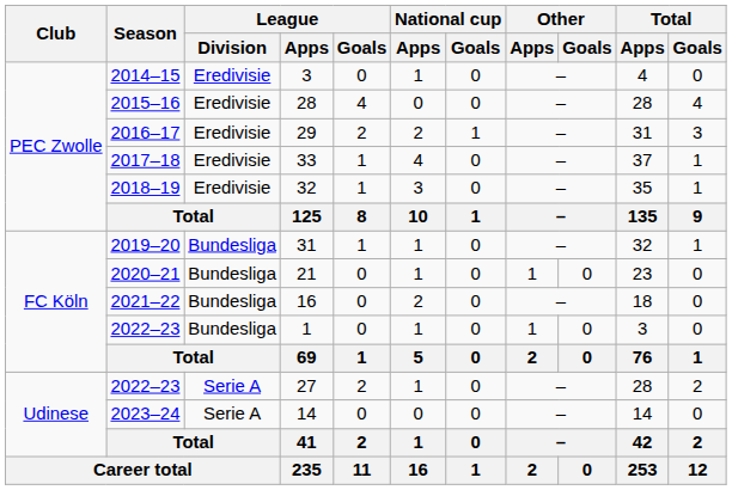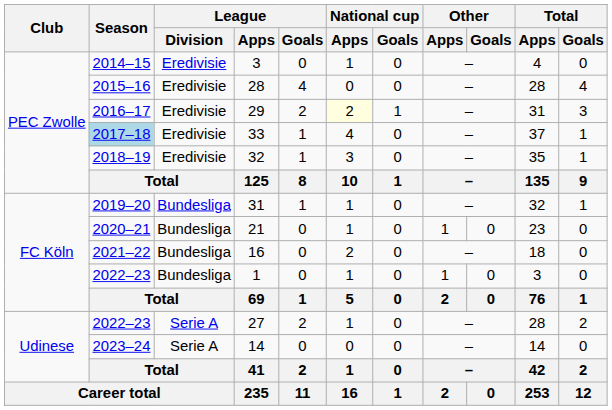 <table class="wikitable" style="text-align:center">
 <tr>
 <th rowspan="2">Club</th>
 <th rowspan="2">Season</th>
 <th colspan="3">League</th>
 <th colspan="2">National cup</th>
 <th colspan="2">Other</th>
 <th colspan="2">Total</th>
 </tr>
 <tr>
 <th>Division</th>
 <th>Apps</th>
 <th>Goals</th>
 <th>Apps</th>
 <th>Goals</th>
 <th>Apps</th>
 <th>Goals</th>
 <th>Apps</th>
 <th>Goals</th>
 </tr>
 <tr>
 <td rowspan="6"><a href='#'>PEC Zwolle</a></td>
 <td><a href='#'>2014–15</a></td>
 <td><a href='#'>Eredivisie</a></td>
 <td>3</td>
 <td>0</td>
 <td>1</td>
 <td>0</td>
 <td colspan="2">–</td>
 <td>4</td>
 <td>0</td>
 </tr>
 <tr>
 <td><a href='#'>2015–16</a></td>
 <td>Eredivisie</td>
 <td>28</td>
 <td>4</td>
 <td>0</td>
 <td>0</td>
 <td colspan="2">–</td>
 <td>28</td>
 <td>4</td>
 </tr>
 <tr>
 <td><a href='#'>2016–17</a></td>
 <td>Eredivisie</td>
 <td>29</td>
 <td>2</td>
-<td>2</td>
+<td style="background: lightyellow;">2</td>
 <td>1</td>
 <td colspan="2">–</td>
 <td>31</td>
 <td>3</td>
 </tr>
 <tr>
-<td><a href='#'>2017–18</a></td>
+<td style="background: lightblue;"><a href='#'>2017–18</a></td>
 <td>Eredivisie</td>
 <td>33</td>
 <td>1</td>
 <td>4</td>
 <td>0</td>
 <td colspan="2">–</td>
 <td>37</td>
 <td>1</td>
 </tr>
 <tr>
 <td><a href='#'>2018–19</a></td>
 <td>Eredivisie</td>
 <td>32</td>
 <td>1</td>
 <td>3</td>
 <td>0</td>
 <td colspan="2">–</td>
 <td>35</td>
 <td>1</td>
 </tr>
 <tr>
 <th colspan="2">Total</th>
 <th>125</th>
 <th>8</th>
 <th>10</th>
 <th>1</th>
 <th colspan="2">–</th>
 <th>135</th>
 <th>9</th>
 </tr>
 <tr>
 <td rowspan="5"><a href='#'>FC Köln</a></td>
 <td><a href='#'>2019–20</a></td>
 <td><a href='#'>Bundesliga</a></td>
 <td>31</td>
 <td>1</td>
 <td>1</td>
 <td>0</td>
 <td colspan="2">–</td>
 <td>32</td>
 <td>1</td>
 </tr>
 <tr>
 <td><a href='#'>2020–21</a></td>
 <td>Bundesliga</td>
 <td>21</td>
 <td>0</td>
 <td>1</td>
 <td>0</td>
 <td>1</td>
 <td>0</td>
 <td>23</td>
 <td>0</td>
 </tr>
 <tr>
 <td><a href='#'>2021–22</a></td>
 <td>Bundesliga</td>
 <td>16</td>
 <td>0</td>
 <td>2</td>
 <td>0</td>
 <td colspan="2">–</td>
 <td>18</td>
 <td>0</td>
 </tr>
 <tr>
 <td><a href='#'>2022–23</a></td>
 <td>Bundesliga</td>
 <td>1</td>
 <td>0</td>
 <td>1</td>
 <td>0</td>
 <td>1</td>
 <td>0</td>
 <td>3</td>
 <td>0</td>
 </tr>
 <tr>
 <th colspan="2">Total</th>
 <th>69</th>
 <th>1</th>
 <th>5</th>
 <th>0</th>
 <th>2</th>
 <th>0</th>
 <th>76</th>
 <th>1</th>
 </tr>
 <tr>
 <td rowspan="3"><a href='#'>Udinese</a></td>
 <td><a href='#'>2022–23</a></td>
 <td><a href='#'>Serie A</a></td>
 <td>27</td>
 <td>2</td>
 <td>1</td>
 <td>0</td>
 <td colspan="2">–</td>
 <td>28</td>
 <td>2</td>
 </tr>
 <tr>
 <td><a href='#'>2023–24</a></td>
 <td>Serie A</td>
 <td>14</td>
 <td>0</td>
 <td>0</td>
 <td>0</td>
 <td colspan="2">–</td>
 <td>14</td>
 <td>0</td>
 </tr>
 <tr>
 <th colspan="2">Total</th>
 <th>41</th>
 <th>2</th>
 <th>1</th>
 <th>0</th>
 <th colspan="2">–</th>
 <th>42</th>
 <th>2</th>
 </tr>
 <tr>
 <th colspan="3">Career total</th>
 <th>235</th>
 <th>11</th>
 <th>16</th>
 <th>1</th>
 <th>2</th>
 <th>0</th>
 <th>253</th>
 <th>12</th>
 </tr>
 </table>
